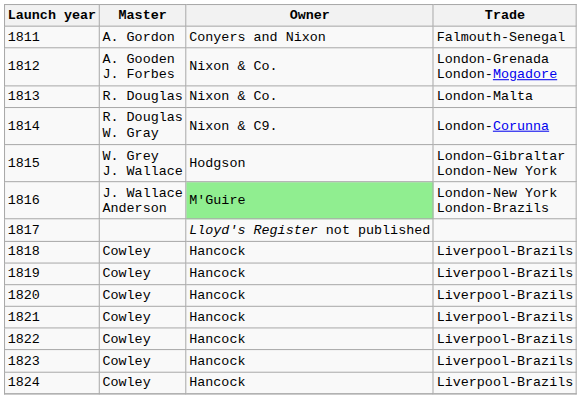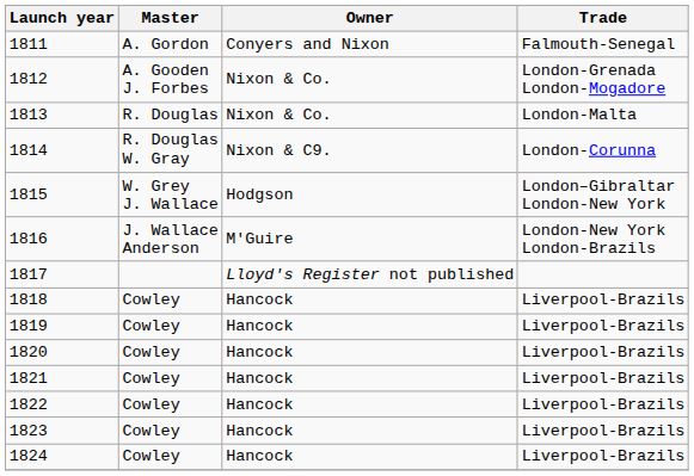 <table class="sortable wikitable">
 <tr>
 <th>Launch year</th>
 <th>Master</th>
 <th>Owner</th>
 <th>Trade</th>
 </tr>
 <tr>
 <td>1811</td>
 <td>A. Gordon</td>
 <td>Conyers and Nixon</td>
 <td>Falmouth-Senegal</td>
 </tr>
 <tr>
 <td>1812</td>
 <td>A. Gooden<br>J. Forbes</td>
 <td>Nixon & Co.</td>
 <td>London-Grenada<br>London-<a href='#'>Mogadore</a></td>
 </tr>
 <tr>
 <td>1813</td>
 <td>R. Douglas</td>
 <td>Nixon & Co.</td>
 <td>London-Malta</td>
 </tr>
 <tr>
 <td>1814</td>
 <td>R. Douglas<br>W. Gray</td>
 <td>Nixon & C9.</td>
 <td>London-<a href='#'>Corunna</a></td>
 </tr>
 <tr>
 <td>1815</td>
 <td>W. Grey<br>J. Wallace</td>
 <td>Hodgson</td>
 <td>London–Gibraltar<br>London-New York</td>
 </tr>
 <tr>
 <td>1816</td>
 <td>J. Wallace<br> Anderson</td>
-<td style="background: lightgreen;">M'Guire</td>
+<td>M'Guire</td>
 <td>London-New York<br>London-Brazils</td>
 </tr>
 <tr>
 <td>1817</td>
 <td></td>
 <td><em>Lloyd's Register</em> not published</td>
 </tr>
 <tr>
 <td>1818</td>
 <td>Cowley</td>
 <td>Hancock</td>
 <td>Liverpool-Brazils</td>
 </tr>
 <tr>
 <td>1819</td>
 <td>Cowley</td>
 <td>Hancock</td>
 <td>Liverpool-Brazils</td>
 </tr>
 <tr>
 <td>1820</td>
 <td>Cowley</td>
 <td>Hancock</td>
 <td>Liverpool-Brazils</td>
 </tr>
 <tr>
 <td>1821</td>
 <td>Cowley</td>
 <td>Hancock</td>
 <td>Liverpool-Brazils</td>
 </tr>
 <tr>
 <td>1822</td>
 <td>Cowley</td>
 <td>Hancock</td>
 <td>Liverpool-Brazils</td>
 </tr>
 <tr>
 <td>1823</td>
 <td>Cowley</td>
 <td>Hancock</td>
 <td>Liverpool-Brazils</td>
 </tr>
 <tr>
 <td>1824</td>
 <td>Cowley</td>
 <td>Hancock</td>
 <td>Liverpool-Brazils</td>
 </tr>
 <tr>
 </tr>
 </table>
